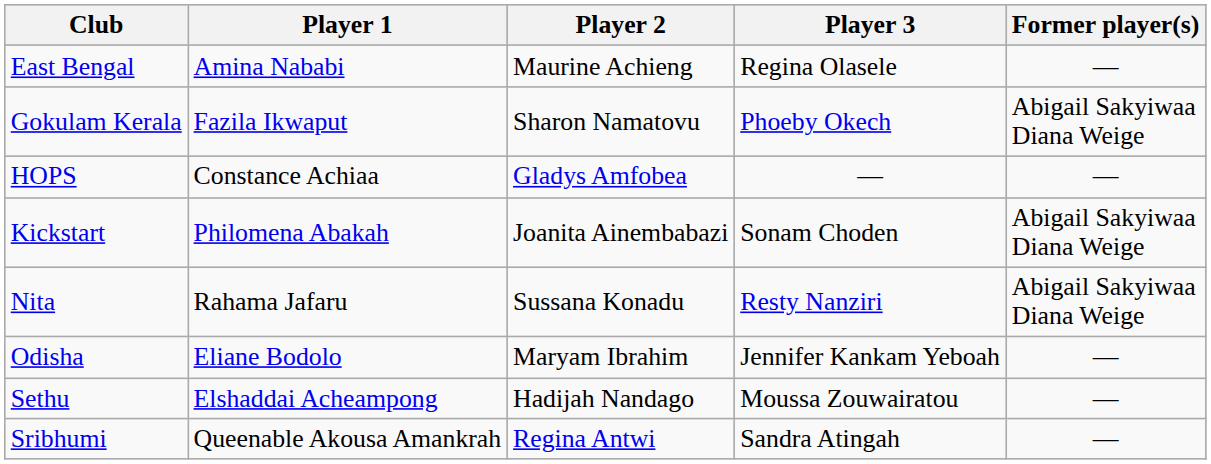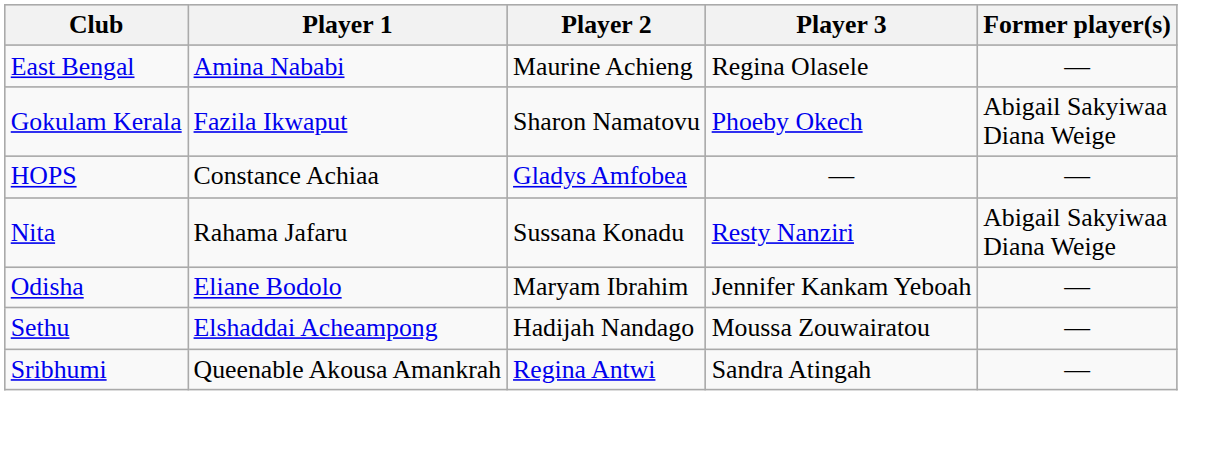 <table class="sortable wikitable" style="text-align: left">
 <tr>
 <th style="text-align:center;">Club</th>
 <th style="text-align:center;">Player 1</th>
 <th style="text-align:center;">Player 2</th>
 <th style="text-align:center;">Player 3</th>
 <th style="text-align:center;">Former player(s)</th>
 </tr>
 <tr>
 <td><a href='#'>East Bengal</a></td>
 <td> <a href='#'>Amina Nababi</a></td>
 <td> Maurine Achieng</td>
 <td> Regina Olasele</td>
 <td style="text-align: center;">—</td>
 </tr>
 <tr>
 <td><a href='#'>Gokulam Kerala</a></td>
 <td> <a href='#'>Fazila Ikwaput</a></td>
 <td> Sharon Namatovu</td>
 <td> <a href='#'>Phoeby Okech</a></td>
 <td> Abigail Sakyiwaa<br> Diana Weige</td>
 </tr>
 <tr>
 <td><a href='#'>HOPS</a></td>
 <td> Constance Achiaa</td>
 <td> <a href='#'>Gladys Amfobea</a></td>
 <td style="text-align: center;">—</td>
 <td style="text-align: center;">—</td>
 </tr>
 <tr>
-<td><a href='#'>Kickstart</a></td>
-<td> <a href='#'>Philomena Abakah</a></td>
-<td> Joanita Ainembabazi</td>
-<td> Sonam Choden</td>
-<td> Abigail Sakyiwaa<br> Diana Weige</td>
-</tr>
-<tr>
 <td><a href='#'>Nita</a></td>
 <td> Rahama Jafaru</td>
 <td> Sussana Konadu</td>
 <td> <a href='#'>Resty Nanziri</a></td>
 <td> Abigail Sakyiwaa<br> Diana Weige</td>
 </tr>
 <tr>
 <td><a href='#'>Odisha</a></td>
 <td> <a href='#'>Eliane Bodolo</a></td>
 <td> Maryam Ibrahim</td>
 <td> Jennifer Kankam Yeboah</td>
 <td style="text-align: center;">—</td>
 </tr>
 <tr>
 <td><a href='#'>Sethu</a></td>
 <td> <a href='#'>Elshaddai Acheampong</a></td>
 <td> Hadijah Nandago</td>
 <td> Moussa Zouwairatou</td>
 <td style="text-align: center;">—</td>
 </tr>
 <tr>
 <td><a href='#'>Sribhumi</a></td>
 <td> Queenable Akousa Amankrah</td>
 <td> <a href='#'>Regina Antwi</a></td>
 <td> Sandra Atingah</td>
 <td style="text-align: center;">—</td>
 </tr>
 </table>
